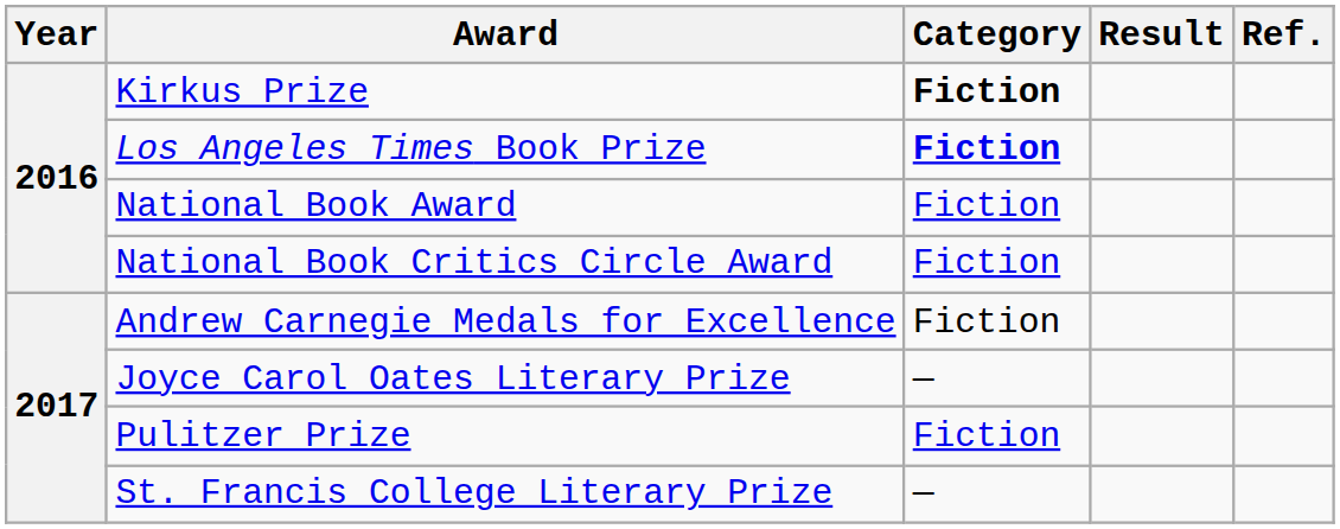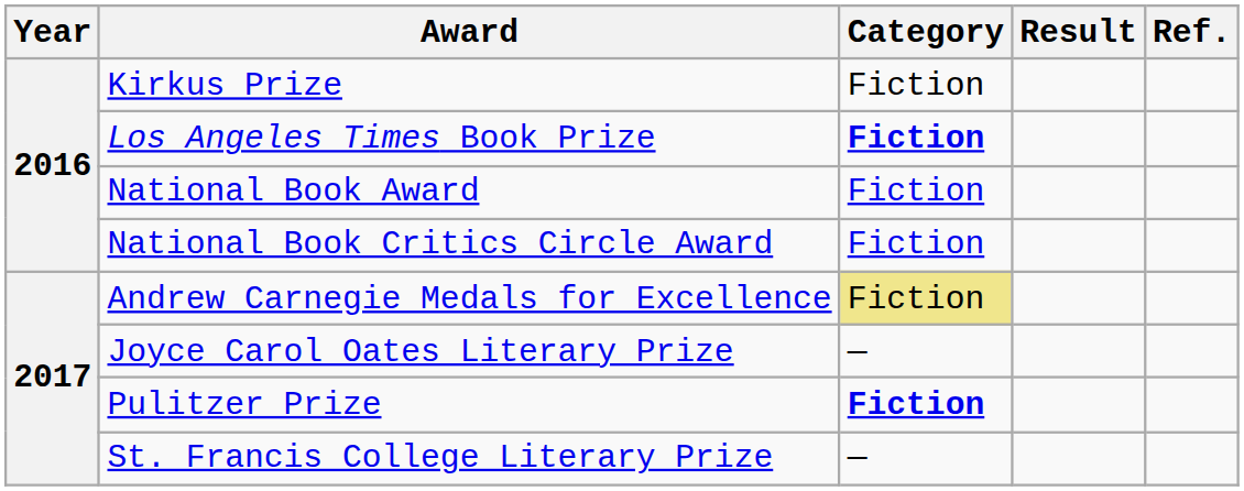 <table class="wikitable sortable">
 <tr>
 <th>Year</th>
 <th>Award</th>
 <th>Category</th>
 <th>Result</th>
 <th>Ref.</th>
 </tr>
 <tr>
 <th rowspan=4>2016</th>
 <td><a href='#'>Kirkus Prize</a></td>
-<td><strong>Fiction</strong></td>
+<td>Fiction</td>
 <td></td>
 <td></td>
 </tr>
 <tr>
 <td><a href='#'><em>Los Angeles Times</em> Book Prize</a></td>
 <td><strong><a href='#'>Fiction</a></strong></td>
 <td></td>
 <td></td>
 </tr>
 <tr>
 <td><a href='#'>National Book Award</a></td>
 <td><a href='#'>Fiction</a></td>
 <td></td>
 <td></td>
 </tr>
 <tr>
 <td><a href='#'>National Book Critics Circle Award</a></td>
 <td><a href='#'>Fiction</a></td>
 <td></td>
 <td></td>
 </tr>
 <tr>
 <th rowspan=4>2017</th>
 <td><a href='#'>Andrew Carnegie Medals for Excellence</a></td>
-<td>Fiction</td>
+<td style="background: khaki;">Fiction</td>
 <td></td>
 <td></td>
 </tr>
 <tr>
 <td><a href='#'>Joyce Carol Oates Literary Prize</a></td>
 <td>—</td>
 <td></td>
 <td></td>
 </tr>
 <tr>
 <td><a href='#'>Pulitzer Prize</a></td>
-<td><a href='#'>Fiction</a></td>
+<td><strong><a href='#'>Fiction</a></strong></td>
 <td></td>
 <td></td>
 </tr>
 <tr>
 <td><a href='#'>St. Francis College Literary Prize</a></td>
 <td>—</td>
 <td></td>
 <td></td>
 </tr>
 </table>
